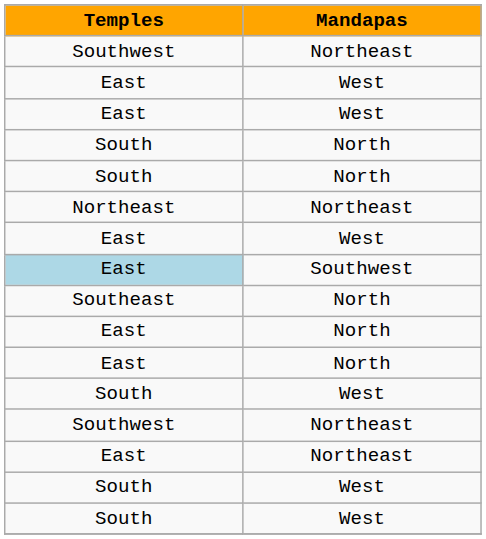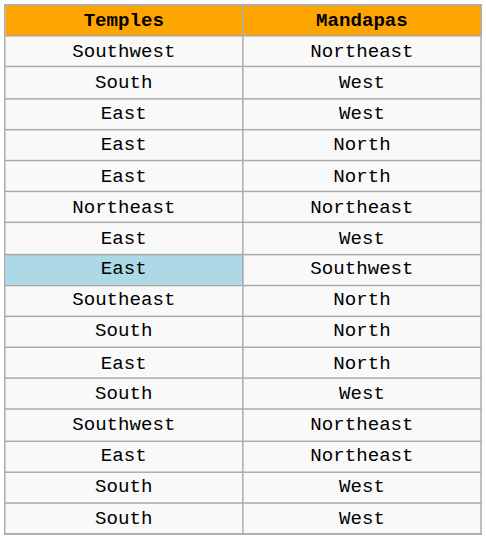 <table class="wikitable sortable" style="width: 25em; text-align: center;">
 <tr>
 </tr>
 <tr>
 </tr>
 <tr style="background:orange">
 <td width="25em"><strong>Temples</strong></td>
 <td width="25em"><strong>Mandapas</strong></td>
 </tr>
 <tr>
 <td>Southwest</td>
 <td>Northeast</td>
 </tr>
 <tr>
-<td>East</td>
+<td>South</td>
 <td>West</td>
 </tr>
 <tr>
 <td>East</td>
 <td>West</td>
 </tr>
 <tr>
-<td>South</td>
+<td>East</td>
 <td>North</td>
 </tr>
 <tr>
-<td>South</td>
+<td>East</td>
 <td>North</td>
 </tr>
 <tr>
 <td>Northeast</td>
 <td>Northeast</td>
 </tr>
 <tr>
 <td>East</td>
 <td>West</td>
 </tr>
 <tr>
 <td style="background: lightblue;">East</td>
 <td>Southwest</td>
 </tr>
 <tr>
 <td>Southeast</td>
 <td>North</td>
 </tr>
 <tr>
-<td>East</td>
+<td>South</td>
 <td>North</td>
 </tr>
 <tr>
 <td>East</td>
 <td>North</td>
 </tr>
 <tr>
 <td>South</td>
 <td>West</td>
 </tr>
 <tr>
 <td>Southwest</td>
 <td>Northeast</td>
 </tr>
 <tr>
 <td>East</td>
 <td>Northeast</td>
 </tr>
 <tr>
 <td>South</td>
 <td>West</td>
 </tr>
 <tr>
 <td>South</td>
 <td>West</td>
 </tr>
 <tr>
 </tr>
 </table>
